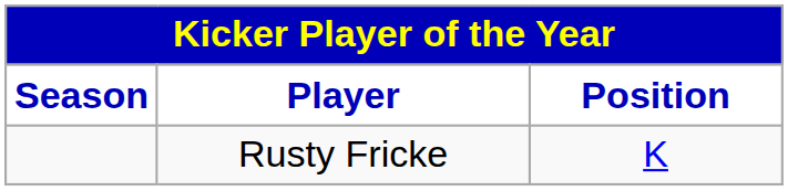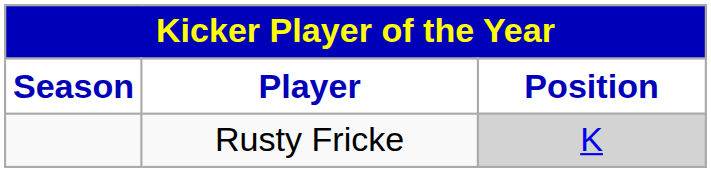 <table class="wikitable sortable" style="text-align:center">
 <tr>
 <td colspan="4" style="background:#0000B8; color:yellow;"><strong>Kicker Player of the Year</strong></td>
 </tr>
 <tr>
 <th style="width:50px; background:white; color:#0000B8;">Season</th>
 <th style="width:150px; background:white; color:#0000B8;">Player</th>
 <th style="width:100px; background:white; color:#0000B8;">Position</th>
 </tr>
 <tr>
 <td></td>
 <td>Rusty Fricke</td>
-<td><a href='#'>K</a></td>
+<td style="background: lightgrey;"><a href='#'>K</a></td>
 </tr>
 </table>
